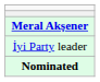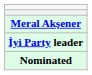 <table class="wikitable" style="margin:1em auto; font-size:90%; text-align:center;">
 <tr>
 <td></td>
 </tr>
 <tr>
 <th style="width:100px; font-size:100%; background:"></th>
 </tr>
 <tr>
 <td style="width:100px; font-size:100%; background:#DEFDE6;"><strong><a href='#'>Meral Akşener</a></strong></td>
 </tr>
 <tr>
-<td style="width:100px; font-size:100%; background:#DEFDE6;"><a href='#'>İyi Party</a> leader</td>
+<td style="width:100px; font-size:100%; background:#DEFDE6;"><strong><a href='#'>İyi Party</a> leader</strong></td>
 </tr>
 <tr>
 <td style="width:100px; font-size:100%; background:#DEFDE6;"><strong>Nominated</strong> </td>
 </tr>
 </table>
